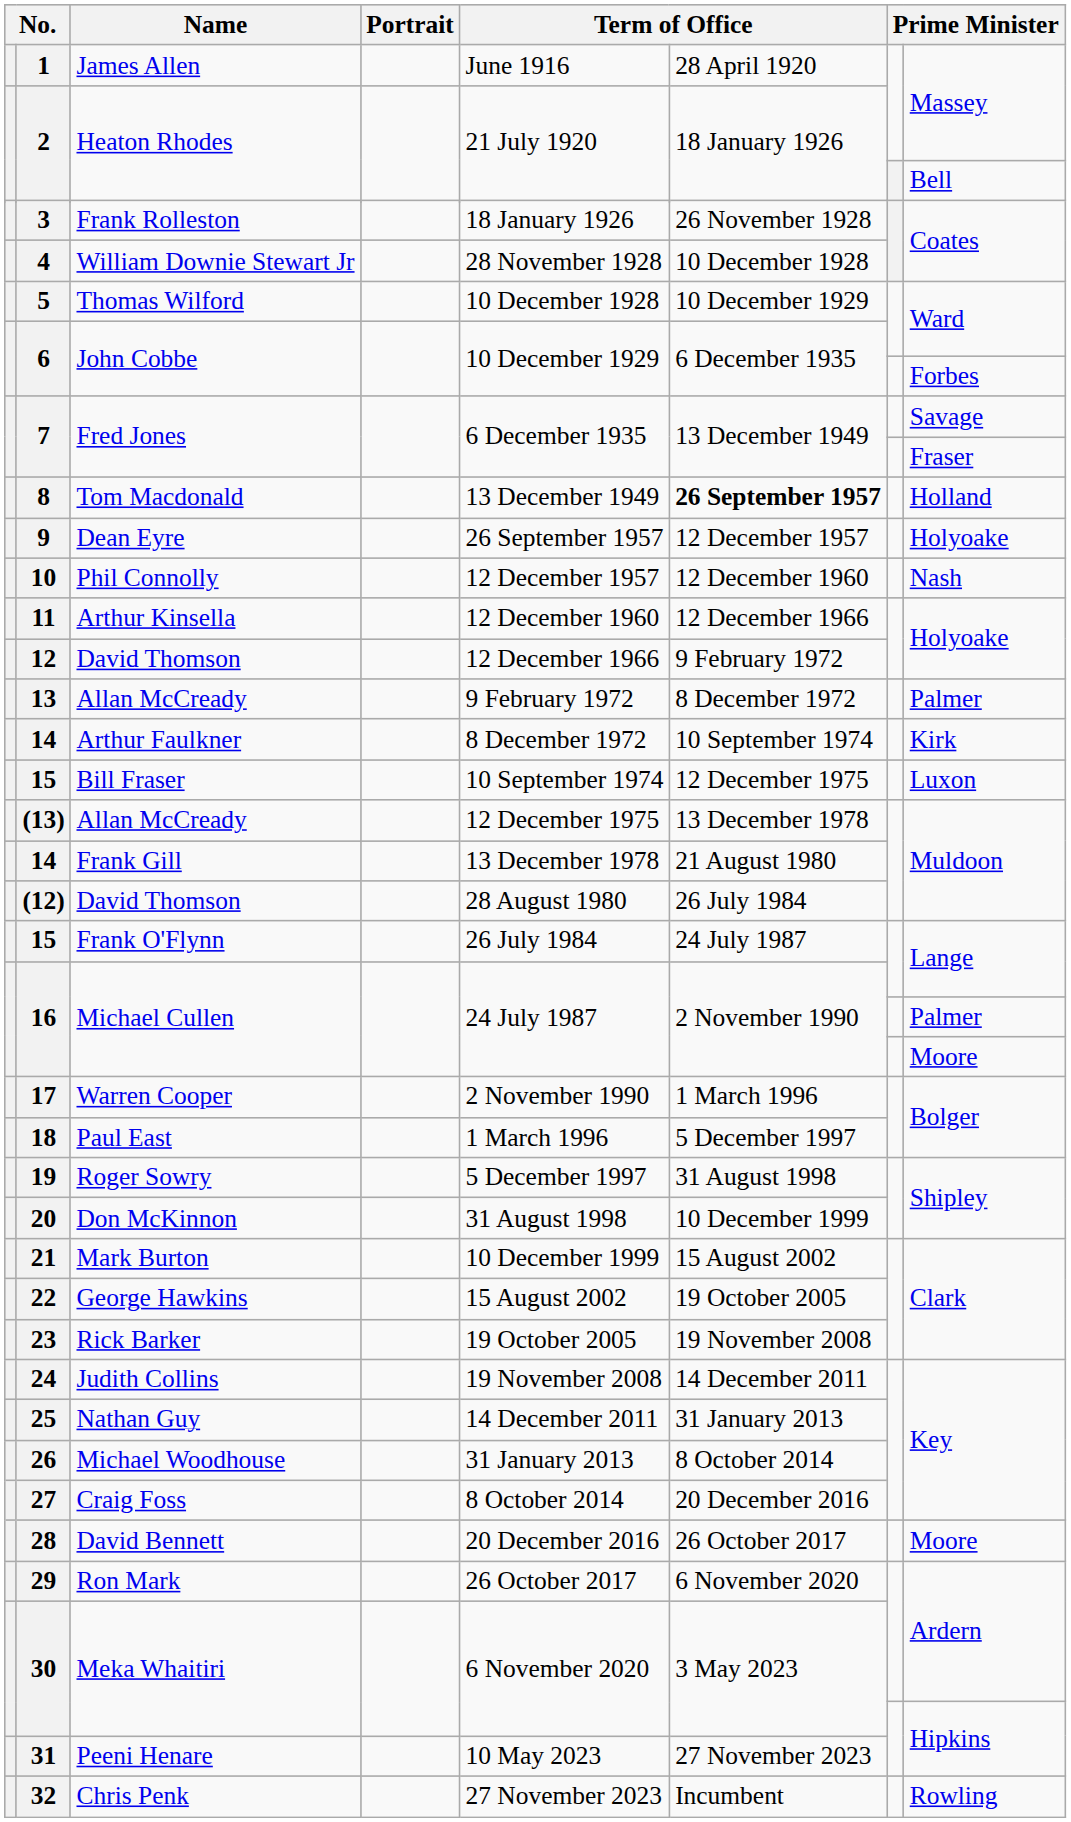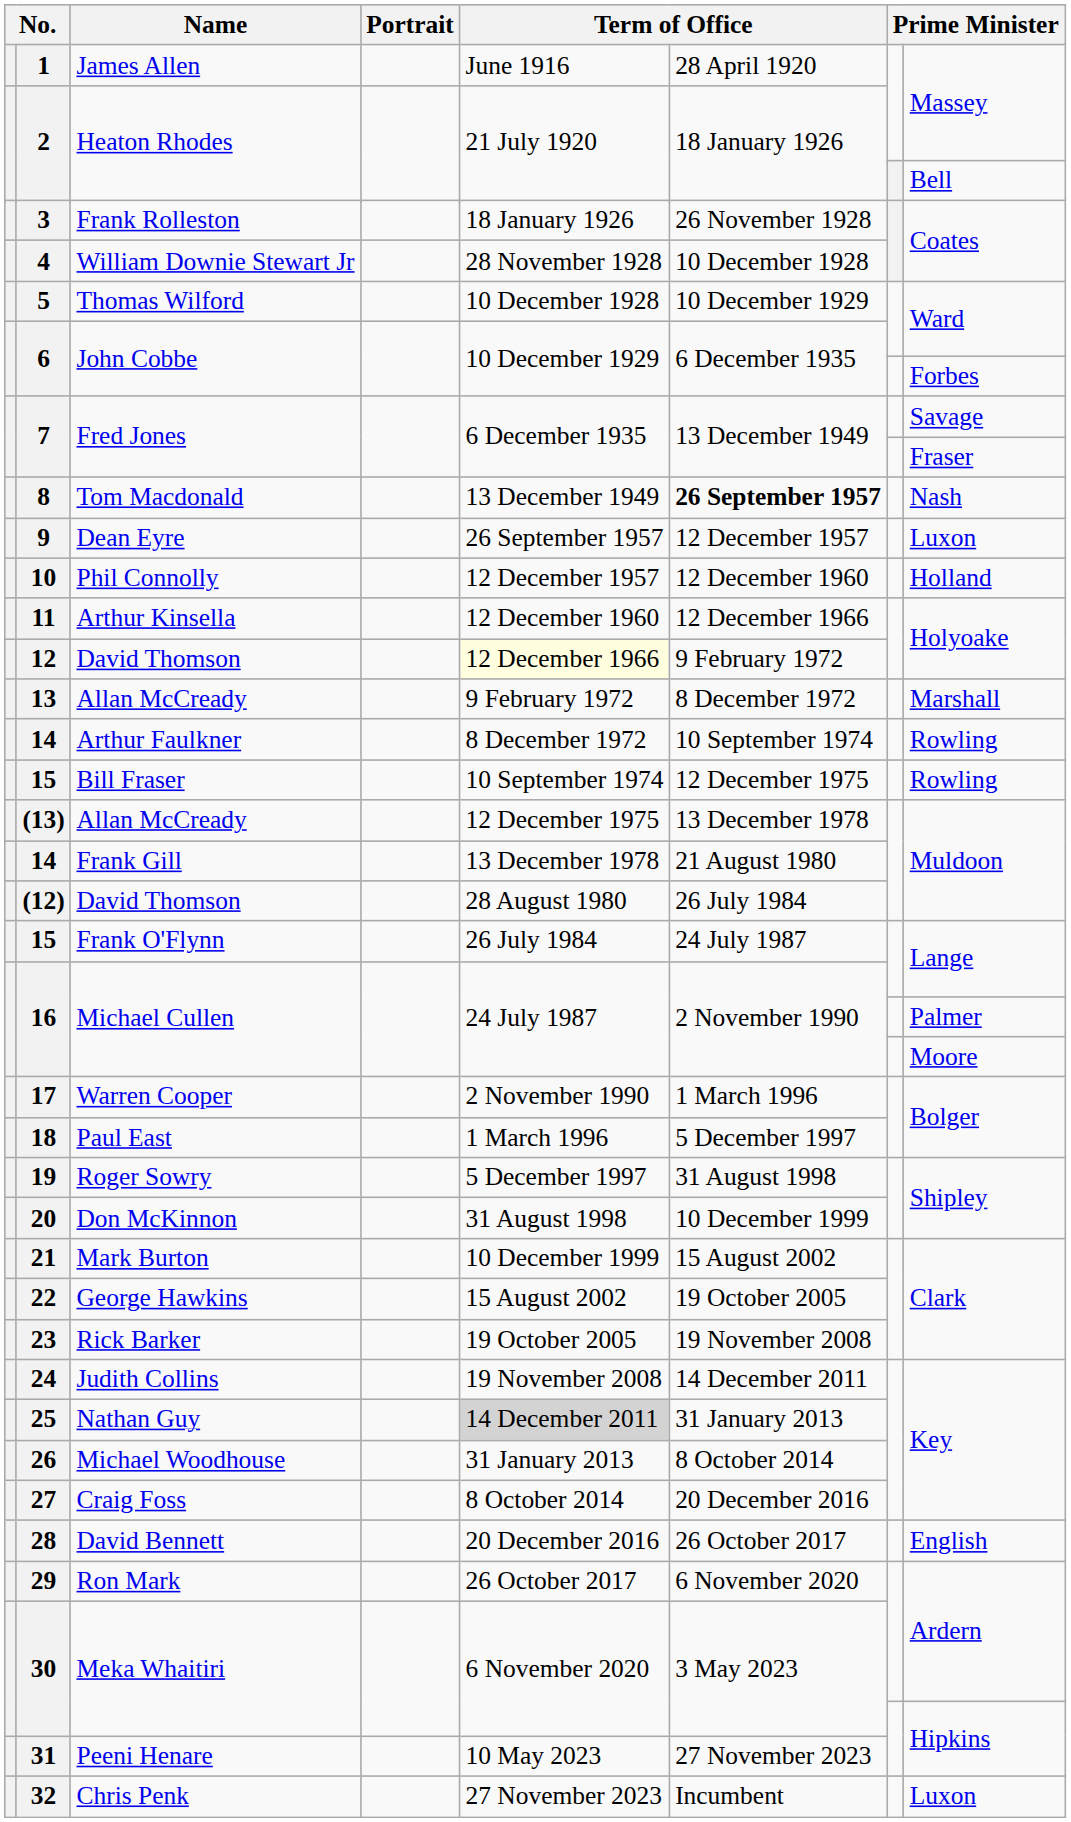 <table class="wikitable">
 <tr>
 <th colspan="2">No.</th>
 <th>Name</th>
 <th>Portrait</th>
 <th colspan="2">Term of Office</th>
 <th colspan="2">Prime Minister</th>
 </tr>
 <tr>
 <th style="color:inherit;background:"></th>
 <th>1</th>
 <td><a href='#'>James Allen</a></td>
 <td></td>
 <td>June 1916</td>
 <td>28 April 1920</td>
 <td style="border-bottom:solid 0 grey; background:"></td>
 <td rowspan="2"><a href='#'>Massey</a></td>
 </tr>
 <tr>
 <th rowspan="3" style="color:inherit;background:"></th>
 <th rowspan="3">2</th>
 <td rowspan="3"><a href='#'>Heaton Rhodes</a></td>
 <td rowspan="3"></td>
 <td rowspan="3">21 July 1920</td>
 <td rowspan="3">18 January 1926</td>
 <td height="40" style="border-top:solid 0 grey; background:"></td>
 </tr>
 <tr>
 <th style="color:inherit;background:"></th>
 <td><a href='#'>Bell</a></td>
 </tr>
 <tr>
 <th rowspan="3" style="color:inherit;background:"></th>
 <td rowspan="3"><a href='#'>Coates</a></td>
 </tr>
 <tr>
 <th style="color:inherit;background:"></th>
 <th>3</th>
 <td><a href='#'>Frank Rolleston</a></td>
 <td></td>
 <td>18 January 1926</td>
 <td>26 November 1928</td>
 </tr>
 <tr>
 <th style="color:inherit;background:"></th>
 <th>4</th>
 <td><a href='#'>William Downie Stewart Jr</a></td>
 <td></td>
 <td>28 November 1928</td>
 <td>10 December 1928</td>
 </tr>
 <tr>
 <th style="color:inherit;background:"></th>
 <th>5</th>
 <td><a href='#'>Thomas Wilford</a></td>
 <td></td>
 <td>10 December 1928</td>
 <td>10 December 1929</td>
 <td rowspan="2" style="color:inherit;background:"></td>
 <td rowspan="2"><a href='#'>Ward</a></td>
 </tr>
 <tr>
 <th height="15" style="border-bottom:solid 0 grey; background:"></th>
 <th rowspan="2">6</th>
 <td rowspan="2"><a href='#'>John Cobbe</a></td>
 <td rowspan="2"></td>
 <td rowspan="2">10 December 1929</td>
 <td rowspan="2">6 December 1935</td>
 </tr>
 <tr>
 <th height="15" style="border-top:solid 0 grey; background:"></th>
 <td style="color:inherit;background:"></td>
 <td><a href='#'>Forbes</a></td>
 </tr>
 <tr>
 <th rowspan="2" style="color:inherit;background:"></th>
 <th rowspan="2">7</th>
 <td rowspan="2"><a href='#'>Fred Jones</a></td>
 <td rowspan="2"></td>
 <td rowspan="2">6 December 1935</td>
 <td rowspan="2">13 December 1949</td>
 <td style="color:inherit;background:"></td>
 <td><a href='#'>Savage</a></td>
 </tr>
 <tr>
 <td style="color:inherit;background:"></td>
 <td><a href='#'>Fraser</a></td>
 </tr>
 <tr>
 <th style="color:inherit;background:"></th>
 <th>8</th>
 <td><a href='#'>Tom Macdonald</a></td>
 <td></td>
 <td>13 December 1949</td>
 <td><strong>26 September 1957</strong></td>
 <td style="color:inherit;background:"></td>
-<td><a href='#'>Holland</a></td>
+<td><a href='#'>Nash</a></td>
 </tr>
 <tr>
 <th style="color:inherit;background:"></th>
 <th>9</th>
 <td><a href='#'>Dean Eyre</a></td>
 <td></td>
 <td>26 September 1957</td>
 <td>12 December 1957</td>
 <td style="color:inherit;background:"></td>
-<td><a href='#'>Holyoake</a></td>
+<td><a href='#'>Luxon</a></td>
 </tr>
 <tr>
 <th style="color:inherit;background:"></th>
 <th>10</th>
 <td><a href='#'>Phil Connolly</a></td>
 <td></td>
 <td>12 December 1957</td>
 <td>12 December 1960</td>
 <td style="color:inherit;background:"></td>
-<td><a href='#'>Nash</a></td>
+<td><a href='#'>Holland</a></td>
 </tr>
 <tr>
 <th style="color:inherit;background:"></th>
 <th>11</th>
 <td><a href='#'>Arthur Kinsella</a></td>
 <td></td>
 <td>12 December 1960</td>
 <td>12 December 1966</td>
 <td rowspan="2" style="color:inherit;background:"></td>
 <td rowspan="2"><a href='#'>Holyoake</a></td>
 </tr>
 <tr>
 <th style="color:inherit;background:"></th>
 <th>12</th>
 <td><a href='#'>David Thomson</a></td>
 <td></td>
-<td>12 December 1966</td>
+<td style="background: lightyellow;">12 December 1966</td>
 <td>9 February 1972</td>
 </tr>
 <tr>
 <th style="color:inherit;background:"></th>
 <th>13</th>
 <td><a href='#'>Allan McCready</a></td>
 <td></td>
 <td>9 February 1972</td>
 <td>8 December 1972</td>
 <td style="color:inherit;background:"></td>
-<td><a href='#'>Palmer</a></td>
+<td><a href='#'>Marshall</a></td>
 </tr>
 <tr>
 <th style="color:inherit;background:"></th>
 <th>14</th>
 <td><a href='#'>Arthur Faulkner</a></td>
 <td></td>
 <td>8 December 1972</td>
 <td>10 September 1974</td>
 <td style="color:inherit;background:"></td>
-<td><a href='#'>Kirk</a></td>
+<td><a href='#'>Rowling</a></td>
 </tr>
 <tr>
 <th style="color:inherit;background:"></th>
 <th>15</th>
 <td><a href='#'>Bill Fraser</a></td>
 <td></td>
 <td>10 September 1974</td>
 <td>12 December 1975</td>
 <td style="color:inherit;background:"></td>
-<td><a href='#'>Luxon</a></td>
+<td><a href='#'>Rowling</a></td>
 </tr>
 <tr>
 <th style="color:inherit;background:"></th>
 <th>(13)</th>
 <td><a href='#'>Allan McCready</a></td>
 <td></td>
 <td>12 December 1975</td>
 <td>13 December 1978</td>
 <td rowspan="3" style="color:inherit;background:"></td>
 <td rowspan="3"><a href='#'>Muldoon</a></td>
 </tr>
 <tr>
 <th style="color:inherit;background:"></th>
 <th>14</th>
 <td><a href='#'>Frank Gill</a></td>
 <td></td>
 <td>13 December 1978</td>
 <td>21 August 1980</td>
 </tr>
 <tr>
 <th style="color:inherit;background:"></th>
 <th>(12)</th>
 <td><a href='#'>David Thomson</a></td>
 <td></td>
 <td>28 August 1980</td>
 <td>26 July 1984</td>
 </tr>
 <tr>
 <th style="color:inherit;background:"></th>
 <th>15</th>
 <td><a href='#'>Frank O'Flynn</a></td>
 <td></td>
 <td>26 July 1984</td>
 <td>24 July 1987</td>
 <td rowspan="2" style="color:inherit;background:"></td>
 <td rowspan="2"><a href='#'>Lange</a></td>
 </tr>
 <tr>
 <th height="15" style="border-bottom:solid 0 grey; background:"></th>
 <th rowspan="3">16</th>
 <td rowspan="3"><a href='#'>Michael Cullen</a></td>
 <td rowspan="3"></td>
 <td rowspan="3">24 July 1987</td>
 <td rowspan="3">2 November 1990</td>
 </tr>
 <tr>
 <th style="border-bottom:solid 0 grey; border-top:solid 0 grey; background:"></th>
 <td style="color:inherit;background:"></td>
 <td><a href='#'>Palmer</a></td>
 </tr>
 <tr>
 <th style="border-top:solid 0 grey; background:"></th>
 <td style="color:inherit;background:"></td>
 <td><a href='#'>Moore</a></td>
 </tr>
 <tr>
 <th style="color:inherit;background:"></th>
 <th>17</th>
 <td><a href='#'>Warren Cooper</a></td>
 <td></td>
 <td>2 November 1990</td>
 <td>1 March 1996</td>
 <td rowspan="2" style="color:inherit;background:"></td>
 <td rowspan="2"><a href='#'>Bolger</a></td>
 </tr>
 <tr>
 <th style="color:inherit;background:"></th>
 <th>18</th>
 <td><a href='#'>Paul East</a></td>
 <td></td>
 <td>1 March 1996</td>
 <td>5 December 1997</td>
 </tr>
 <tr>
 <th style="color:inherit;background:"></th>
 <th>19</th>
 <td><a href='#'>Roger Sowry</a></td>
 <td></td>
 <td>5 December 1997</td>
 <td>31 August 1998</td>
 <td rowspan="2" style="color:inherit;background:"></td>
 <td rowspan="2"><a href='#'>Shipley</a></td>
 </tr>
 <tr>
 <th style="color:inherit;background:"></th>
 <th>20</th>
 <td><a href='#'>Don McKinnon</a></td>
 <td></td>
 <td>31 August 1998</td>
 <td>10 December 1999</td>
 </tr>
 <tr>
 <th style="color:inherit;background:"></th>
 <th>21</th>
 <td><a href='#'>Mark Burton</a></td>
 <td></td>
 <td>10 December 1999</td>
 <td>15 August 2002</td>
 <td rowspan="3" style="color:inherit;background:"></td>
 <td rowspan="3"><a href='#'>Clark</a></td>
 </tr>
 <tr>
 <th style="color:inherit;background:"></th>
 <th>22</th>
 <td><a href='#'>George Hawkins</a></td>
 <td></td>
 <td>15 August 2002</td>
 <td>19 October 2005</td>
 </tr>
 <tr>
 <th style="color:inherit;background:"></th>
 <th>23</th>
 <td><a href='#'>Rick Barker</a></td>
 <td></td>
 <td>19 October 2005</td>
 <td>19 November 2008</td>
 </tr>
 <tr>
 <th style="color:inherit;background:"></th>
 <th>24</th>
 <td><a href='#'>Judith Collins</a></td>
 <td></td>
 <td>19 November 2008</td>
 <td>14 December 2011</td>
 <td rowspan="4" style="color:inherit;background:"></td>
 <td rowspan="4"><a href='#'>Key</a></td>
 </tr>
 <tr>
 <th style="color:inherit;background:"></th>
 <th>25</th>
 <td><a href='#'>Nathan Guy</a></td>
 <td></td>
-<td>14 December 2011</td>
+<td style="background: lightgrey;">14 December 2011</td>
 <td>31 January 2013</td>
 </tr>
 <tr>
 <th style="border-bottom:solid 0 grey; background:"></th>
 <th>26</th>
 <td><a href='#'>Michael Woodhouse</a></td>
 <td></td>
 <td>31 January 2013</td>
 <td>8 October 2014</td>
 </tr>
 <tr>
 <th style="border-bottom:solid 0 grey; background:"></th>
 <th>27</th>
 <td><a href='#'>Craig Foss</a></td>
 <td></td>
 <td>8 October 2014</td>
 <td>20 December 2016</td>
 </tr>
 <tr>
 <th style="color:inherit;background:"></th>
 <th>28</th>
 <td><a href='#'>David Bennett</a></td>
 <td></td>
 <td>20 December 2016</td>
 <td>26 October 2017</td>
 <td style="color:inherit;background:"></td>
-<td><a href='#'>Moore</a></td>
+<td><a href='#'>English</a></td>
 </tr>
 <tr>
 <th style="color:inherit;background:"></th>
 <th>29</th>
 <td><a href='#'>Ron Mark</a></td>
 <td></td>
 <td>26 October 2017</td>
 <td>6 November 2020</td>
 <td height="15" rowspan="2" style="border-top:solid 0 gray; background:"></td>
 <td rowspan="2"><a href='#'>Ardern</a></td>
 </tr>
 <tr>
 <th height="56" style="border-bottom:solid 0 grey; background:"></th>
 <th rowspan="2">30</th>
 <td rowspan="2"><a href='#'>Meka Whaitiri</a></td>
 <td rowspan="2"></td>
 <td rowspan="2">6 November 2020</td>
 <td rowspan="2">3 May 2023</td>
 </tr>
 <tr>
 <th height="15" style="border-top:solid 0 grey; background:"></th>
 <td rowspan="2" style="color:inherit;background:"></td>
 <td rowspan="2"><a href='#'>Hipkins</a></td>
 </tr>
 <tr>
 <th style="color:inherit;background:"></th>
 <th>31</th>
 <td><a href='#'>Peeni Henare</a></td>
 <td></td>
 <td>10 May 2023</td>
 <td>27 November 2023</td>
 </tr>
 <tr>
 <th style="color:inherit;background:"></th>
 <th>32</th>
 <td><a href='#'>Chris Penk</a></td>
 <td></td>
 <td>27 November 2023</td>
 <td>Incumbent</td>
 <td style="color:inherit;background:"></td>
-<td><a href='#'>Rowling</a></td>
+<td><a href='#'>Luxon</a></td>
 </tr>
 </table>
